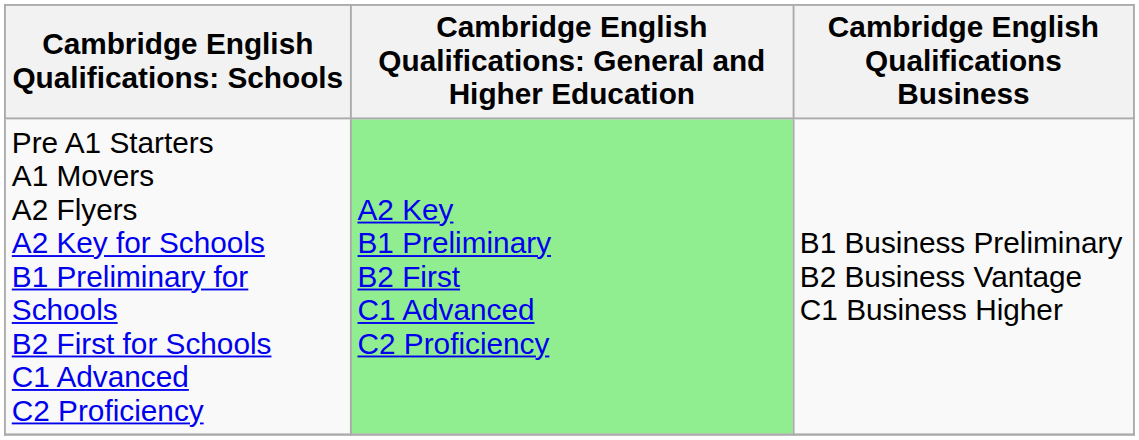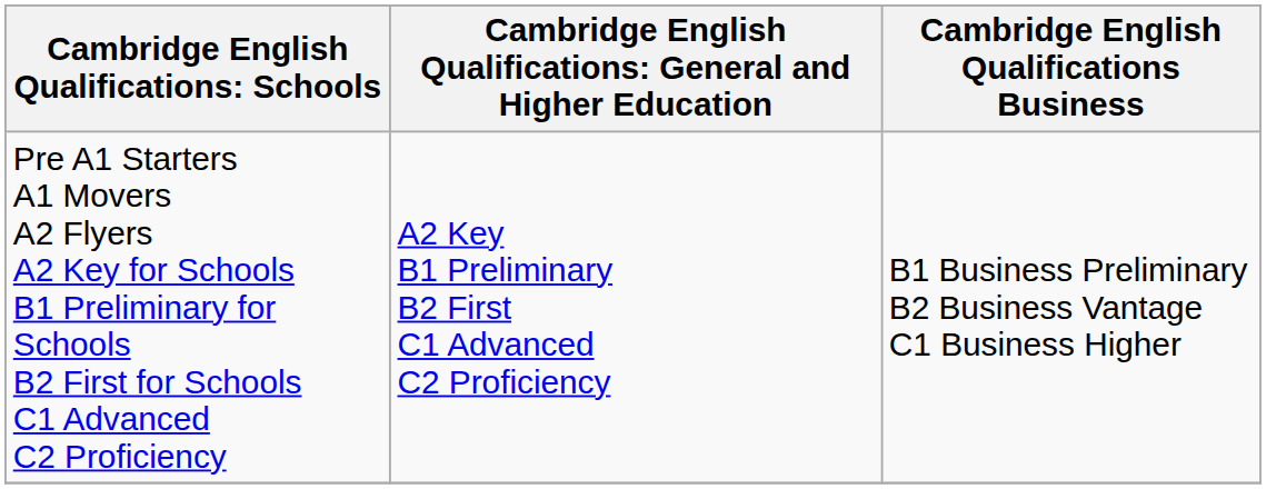 <table class="wikitable">
 <tr>
 <th>Cambridge English Qualifications: Schools</th>
 <th>Cambridge English Qualifications: General and Higher Education</th>
 <th>Cambridge English Qualifications Business</th>
 </tr>
 <tr>
 <td>Pre A1 Starters<br>A1 Movers<br>A2 Flyers<br><a href='#'>A2 Key for Schools</a><br><a href='#'>B1 Preliminary for Schools</a><br><a href='#'>B2 First for Schools</a><br><a href='#'>C1 Advanced</a><br><a href='#'>C2 Proficiency</a></td>
-<td style="background: lightgreen;"><a href='#'>A2 Key</a><br><a href='#'>B1 Preliminary</a><br><a href='#'>B2 First</a><br><a href='#'>C1 Advanced</a><br><a href='#'>C2 Proficiency</a></td>
+<td><a href='#'>A2 Key</a><br><a href='#'>B1 Preliminary</a><br><a href='#'>B2 First</a><br><a href='#'>C1 Advanced</a><br><a href='#'>C2 Proficiency</a></td>
 <td>B1 Business Preliminary<br>B2 Business Vantage<br>C1 Business Higher</td>
 </tr>
 <tr>
 </tr>
 </table>
